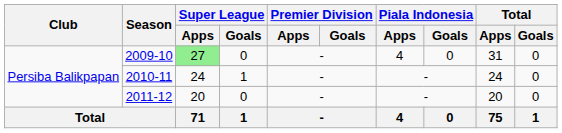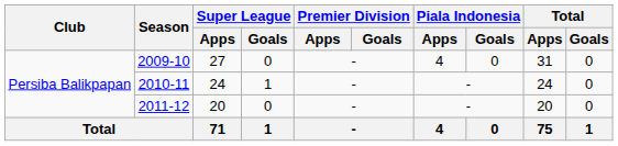 <table class="wikitable" style="font-size:90%; text-align:center;">
 <tr>
 <th rowspan="2">Club</th>
 <th rowspan="2">Season</th>
 <th colspan="2"><a href='#'>Super League</a></th>
 <th colspan="2"><a href='#'>Premier Division</a></th>
 <th colspan="2"><a href='#'>Piala Indonesia</a></th>
 <th colspan="2">Total</th>
 </tr>
 <tr>
 <th>Apps</th>
 <th>Goals</th>
 <th>Apps</th>
 <th>Goals</th>
 <th>Apps</th>
 <th>Goals</th>
 <th>Apps</th>
 <th>Goals</th>
 </tr>
 <tr>
 <td rowspan="3"><a href='#'>Persiba Balikpapan</a></td>
 <td><a href='#'>2009-10</a></td>
-<td style="background: lightgreen;">27</td>
+<td>27</td>
 <td>0</td>
 <td colspan="2">-</td>
 <td>4</td>
 <td>0</td>
 <td>31</td>
 <td>0</td>
 </tr>
 <tr>
 <td><a href='#'>2010-11</a></td>
 <td>24</td>
 <td>1</td>
 <td colspan="2">-</td>
 <td colspan="2">-</td>
 <td>24</td>
 <td>0</td>
 </tr>
 <tr>
 <td><a href='#'>2011-12</a></td>
 <td>20</td>
 <td>0</td>
 <td colspan="2">-</td>
 <td colspan="2">-</td>
 <td>20</td>
 <td>0</td>
 </tr>
 <tr>
 <th colspan="2">Total</th>
 <th>71</th>
 <th>1</th>
 <th colspan="2">-</th>
 <th>4</th>
 <th>0</th>
 <th>75</th>
 <th>1</th>
 </tr>
 </table>
